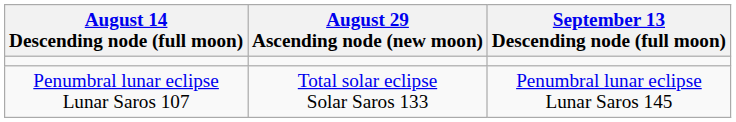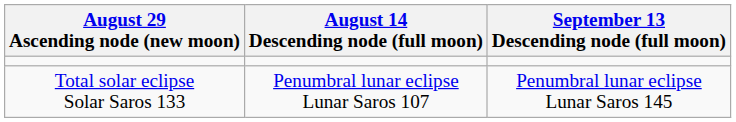 <table class="wikitable">
 <tr>
+<th><a href='#'>August 29</a><br>Ascending node (new moon)<br></th>
 <th><a href='#'>August 14</a><br>Descending node (full moon)<br></th>
-<th><a href='#'>August 29</a><br>Ascending node (new moon)<br></th>
 <th><a href='#'>September 13</a><br>Descending node (full moon)<br></th>
 </tr>
 <tr>
 <td></td>
 <td></td>
 <td></td>
 </tr>
 <tr align=center>
+<td><a href='#'>Total solar eclipse</a><br>Solar Saros 133</td>
 <td><a href='#'>Penumbral lunar eclipse</a><br>Lunar Saros 107</td>
-<td><a href='#'>Total solar eclipse</a><br>Solar Saros 133</td>
 <td><a href='#'>Penumbral lunar eclipse</a><br>Lunar Saros 145</td>
 </tr>
 </table>
